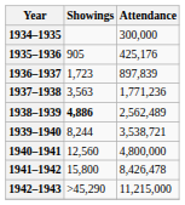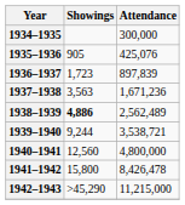 <table class="wikitable sortable floatright" style="margin-left:1em; font-size: 90%; display: inline-table">
 <tr>
 <th scope="col">Year</th>
 <th scope="col">Showings</th>
 <th scope="col">Attendance</th>
 </tr>
 <tr>
 <th scope="row">1934–1935</th>
 <td></td>
 <td>300,000</td>
 </tr>
 <tr>
 <th scope="row">1935–1936</th>
 <td>905</td>
-<td>425,176</td>
+<td>425,076</td>
 </tr>
 <tr>
 <th scope="row">1936–1937</th>
 <td>1,723</td>
 <td>897,839</td>
 </tr>
 <tr>
 <th scope="row">1937–1938</th>
 <td>3,563</td>
-<td>1,771,236</td>
+<td>1,671,236</td>
 </tr>
 <tr>
 <th scope="row">1938–1939</th>
 <td><strong>4,886</strong></td>
 <td>2,562,489</td>
 </tr>
 <tr>
 <th scope="row">1939–1940</th>
-<td>8,244</td>
+<td>9,244</td>
 <td>3,538,721</td>
 </tr>
 <tr>
 <th scope="row">1940–1941</th>
 <td>12,560</td>
 <td>4,800,000</td>
 </tr>
 <tr>
 <th scope="row">1941–1942</th>
 <td>15,800</td>
 <td>8,426,478</td>
 </tr>
 <tr>
 <th scope="row">1942–1943</th>
 <td>>45,290</td>
 <td>11,215,000</td>
 </tr>
 <tr>
 </tr>
 </table>
